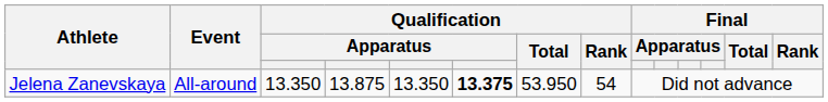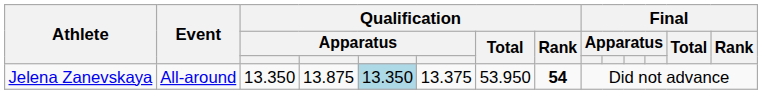 <table class="wikitable" style="font-size:90%">
 <tr>
 <th rowspan=3>Athlete</th>
 <th rowspan=3>Event</th>
 <th colspan=6>Qualification</th>
 <th colspan=6>Final</th>
 </tr>
 <tr style="font-size:95%">
 <th colspan=4>Apparatus</th>
 <th rowspan=2>Total</th>
 <th rowspan=2>Rank</th>
 <th colspan=4>Apparatus</th>
 <th rowspan=2>Total</th>
 <th rowspan=2>Rank</th>
 </tr>
 <tr style="font-size:95%">
 <th></th>
 <th></th>
 <th></th>
 <th></th>
 <th></th>
 <th></th>
 <th></th>
 <th></th>
 </tr>
 <tr align=center>
 <td align=left><a href='#'>Jelena Zanevskaya</a></td>
 <td align=left><a href='#'>All-around</a></td>
 <td>13.350</td>
 <td>13.875</td>
-<td>13.350</td>
-<td><strong>13.375</strong></td>
+<td style="background: lightblue;">13.350</td>
+<td>13.375</td>
 <td>53.950</td>
-<td>54</td>
+<td><strong>54</strong></td>
 <td colspan=6>Did not advance</td>
 </tr>
 </table>
